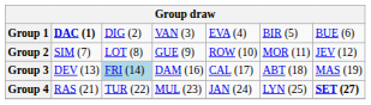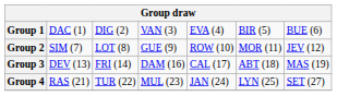 <table class="wikitable" style="text-align:center; font-size:85%">
 <tr>
 <th colspan="7">Group draw</th>
 </tr>
 <tr>
 <th>Group 1</th>
-<td align="left"><strong> <a href='#'>DAC</a> (1)</strong></td>
+<td align="left"> <a href='#'>DAC</a> (1)</td>
 <td align="left"> <a href='#'>DIG</a> (2)</td>
 <td align="left"> <a href='#'>VAN</a> (3)</td>
 <td align="left"> <a href='#'>EVA</a> (4)</td>
 <td align="left"> <a href='#'>BIR</a> (5)</td>
 <td align="left"> <a href='#'>BUE</a> (6)</td>
 </tr>
 <tr>
 <th>Group 2</th>
 <td align="left"> <a href='#'>SIM</a> (7)</td>
 <td align="left"> <a href='#'>LOT</a> (8)</td>
 <td align="left"> <a href='#'>GUE</a> (9)</td>
 <td align="left"> <a href='#'>ROW</a> (10)</td>
 <td align="left"> <a href='#'>MOR</a> (11)</td>
 <td align="left"> <a href='#'>JEV</a> (12)</td>
 </tr>
 <tr>
 <th>Group 3</th>
 <td align="left"> <a href='#'>DEV</a> (13)</td>
-<td align="left" style="background: lightblue;"> <a href='#'>FRI</a> (14)</td>
+<td align="left"> <a href='#'>FRI</a> (14)</td>
 <td align="left"> <a href='#'>DAM</a> (16)</td>
 <td align="left"> <a href='#'>CAL</a> (17)</td>
 <td align="left"> <a href='#'>ABT</a> (18)</td>
 <td align="left"> <a href='#'>MAS</a> (19)</td>
 </tr>
 <tr>
 <th>Group 4</th>
 <td align="left"> <a href='#'>RAS</a> (21)</td>
 <td align="left"> <a href='#'>TUR</a> (22)</td>
 <td align="left"> <a href='#'>MUL</a> (23)</td>
 <td align="left"> <a href='#'>JAN</a> (24)</td>
 <td align="left"> <a href='#'>LYN</a> (25)</td>
-<td align="left"><strong> <a href='#'>SET</a> (27)</strong></td>
+<td align="left"> <a href='#'>SET</a> (27)</td>
 </tr>
 <tr>
 </tr>
 </table>
